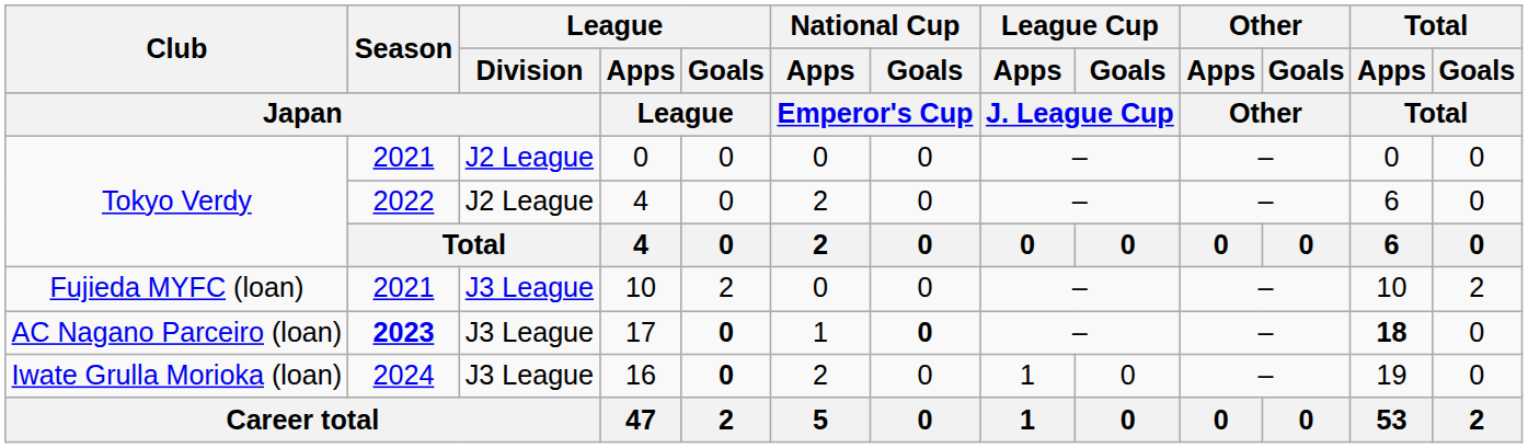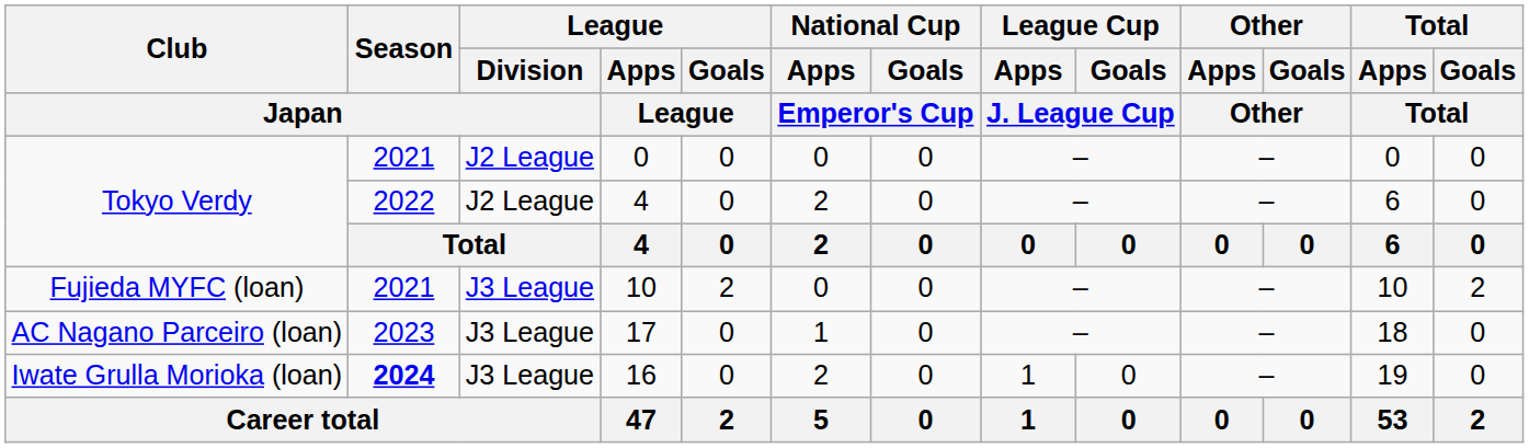 <table class="wikitable" style="text-align:center">
 <tr>
 <th rowspan=2>Club</th>
 <th rowspan=2>Season</th>
 <th colspan=3>League</th>
 <th colspan=2>National Cup</th>
 <th colspan=2>League Cup</th>
 <th colspan=2>Other</th>
 <th colspan=2>Total</th>
 </tr>
 <tr>
 <th>Division</th>
 <th>Apps</th>
 <th>Goals</th>
 <th>Apps</th>
 <th>Goals</th>
 <th>Apps</th>
 <th>Goals</th>
 <th>Apps</th>
 <th>Goals</th>
 <th>Apps</th>
 <th>Goals</th>
 </tr>
 <tr>
 <th colspan=3>Japan</th>
 <th colspan=2>League</th>
 <th colspan=2><a href='#'>Emperor's Cup</a></th>
 <th colspan=2><a href='#'>J. League Cup</a></th>
 <th colspan=2>Other</th>
 <th colspan=2>Total</th>
 </tr>
 <tr>
 <td rowspan="3"><a href='#'>Tokyo Verdy</a></td>
 <td><a href='#'>2021</a></td>
 <td><a href='#'>J2 League</a></td>
 <td>0</td>
 <td>0</td>
 <td>0</td>
 <td>0</td>
 <td colspan="2">–</td>
 <td colspan="2">–</td>
 <td>0</td>
 <td>0</td>
 </tr>
 <tr>
 <td><a href='#'>2022</a></td>
 <td>J2 League</td>
 <td>4</td>
 <td>0</td>
 <td>2</td>
 <td>0</td>
 <td colspan="2">–</td>
 <td colspan="2">–</td>
 <td>6</td>
 <td>0</td>
 </tr>
 <tr>
 <th colspan="2">Total</th>
 <th>4</th>
 <th>0</th>
 <th>2</th>
 <th>0</th>
 <th>0</th>
 <th>0</th>
 <th>0</th>
 <th>0</th>
 <th>6</th>
 <th>0</th>
 </tr>
 <tr>
 <td><a href='#'>Fujieda MYFC</a> (loan)</td>
 <td><a href='#'>2021</a></td>
 <td><a href='#'>J3 League</a></td>
 <td>10</td>
 <td>2</td>
 <td>0</td>
 <td>0</td>
 <td colspan="2">–</td>
 <td colspan="2">–</td>
 <td>10</td>
 <td>2</td>
 </tr>
 <tr>
 <td><a href='#'>AC Nagano Parceiro</a> (loan)</td>
-<td><strong><a href='#'>2023</a></strong></td>
+<td><a href='#'>2023</a></td>
 <td>J3 League</td>
 <td>17</td>
-<td><strong>0</strong></td>
+<td>0</td>
 <td>1</td>
-<td><strong>0</strong></td>
+<td>0</td>
 <td colspan="2">–</td>
 <td colspan="2">–</td>
-<td><strong>18</strong></td>
+<td>18</td>
 <td>0</td>
 </tr>
 <tr>
 <td><a href='#'>Iwate Grulla Morioka</a> (loan)</td>
-<td><a href='#'>2024</a></td>
+<td><strong><a href='#'>2024</a></strong></td>
 <td>J3 League</td>
 <td>16</td>
-<td><strong>0</strong></td>
+<td>0</td>
 <td>2</td>
 <td>0</td>
 <td>1</td>
 <td>0</td>
 <td colspan="2">–</td>
 <td>19</td>
 <td>0</td>
 </tr>
 <tr>
 <th colspan=3>Career total</th>
 <th>47</th>
 <th>2</th>
 <th>5</th>
 <th>0</th>
 <th>1</th>
 <th>0</th>
 <th>0</th>
 <th>0</th>
 <th>53</th>
 <th>2</th>
 </tr>
 </table>
